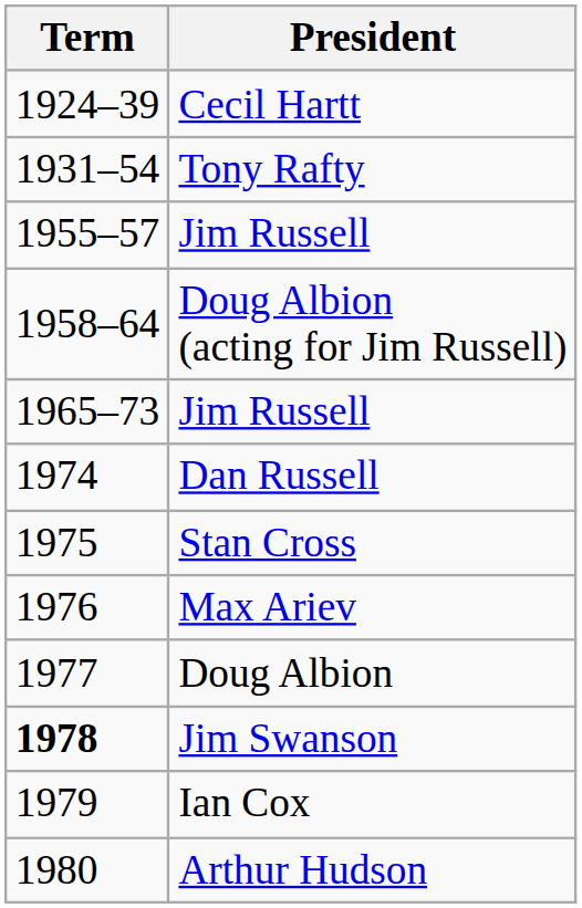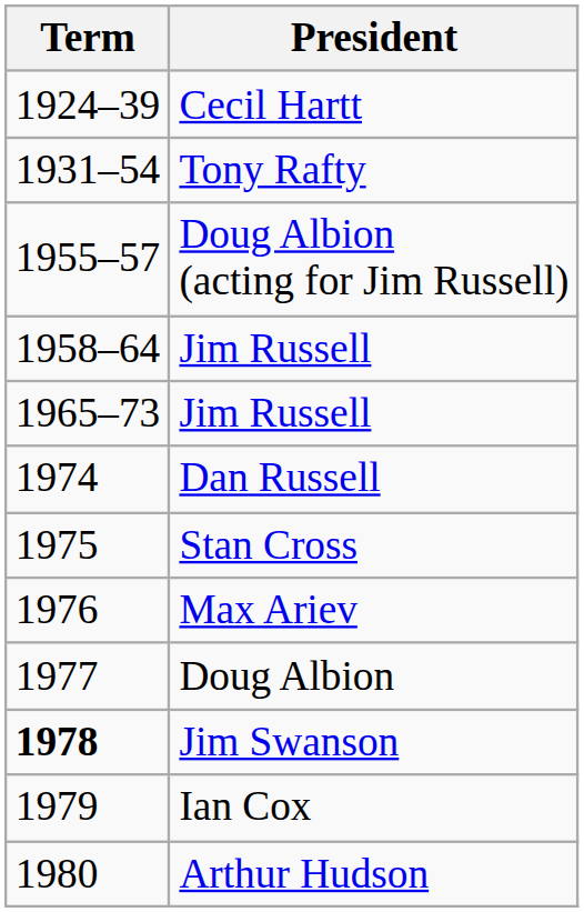 <table class="wikitable">
 <tr>
 <th align="left">Term</th>
 <th align="left">President</th>
 </tr>
 <tr>
 <td align="left">1924–39</td>
 <td align="centr"><a href='#'>Cecil Hartt</a></td>
 </tr>
 <tr>
 <td align="left">1931–54</td>
 <td align="centr"><a href='#'>Tony Rafty</a></td>
 </tr>
 <tr>
 <td align="left">1955–57</td>
-<td align="centr"><a href='#'>Jim Russell</a></td>
+<td align="centr"><a href='#'>Doug Albion</a> <br>(acting for Jim Russell)</td>
 </tr>
 <tr>
 <td align="left">1958–64</td>
-<td align="centr"><a href='#'>Doug Albion</a> <br>(acting for Jim Russell)</td>
+<td align="centr"><a href='#'>Jim Russell</a></td>
 </tr>
 <tr>
 <td align="left">1965–73</td>
 <td align="centr"><a href='#'>Jim Russell</a></td>
 </tr>
 <tr>
 <td align="left">1974</td>
 <td align="centr"><a href='#'>Dan Russell</a></td>
 </tr>
 <tr>
 <td align="left">1975</td>
 <td align="centr"><a href='#'>Stan Cross</a></td>
 </tr>
 <tr>
 <td align="left">1976</td>
 <td align="centr"><a href='#'>Max Ariev</a></td>
 </tr>
 <tr>
 <td align="left">1977</td>
 <td align="centr">Doug Albion</td>
 </tr>
 <tr>
 <td align="left"><strong>1978</strong></td>
 <td align="centr"><a href='#'>Jim Swanson</a></td>
 </tr>
 <tr>
 <td align="left">1979</td>
 <td align="centr">Ian Cox</td>
 </tr>
 <tr>
 <td align="left">1980</td>
 <td align="centr"><a href='#'>Arthur Hudson</a></td>
 </tr>
 <tr>
 </tr>
 </table>
